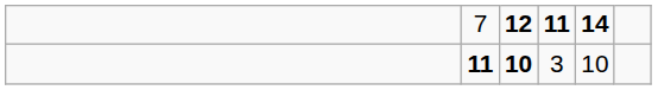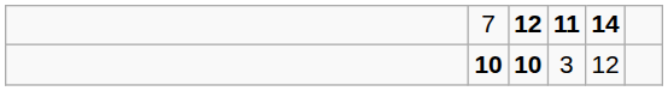 <table class="wikitable">
 <tr>
 <td style="width:18em"><strong></strong></td>
 <td align=center style="width:1em">7</td>
 <td align=center style="width:1em"><strong>12</strong></td>
 <td align=center style="width:1em"><strong>11</strong></td>
 <td align=center style="width:1em"><strong>14</strong></td>
 <td align=center style="width:1em"></td>
 </tr>
 <tr>
 <td style="width:18em"></td>
-<td align=center style="width:1em"><strong>11</strong></td>
+<td align=center style="width:1em"><strong>10</strong></td>
 <td align=center style="width:1em"><strong>10</strong></td>
 <td align=center style="width:1em">3</td>
-<td align=center style="width:1em">10</td>
+<td align=center style="width:1em">12</td>
 <td align=center style="width:1em"></td>
 </tr>
 </table>
